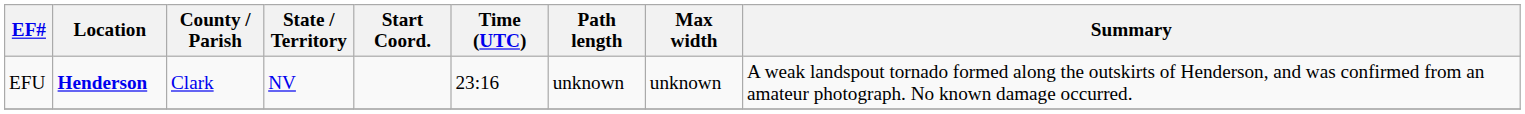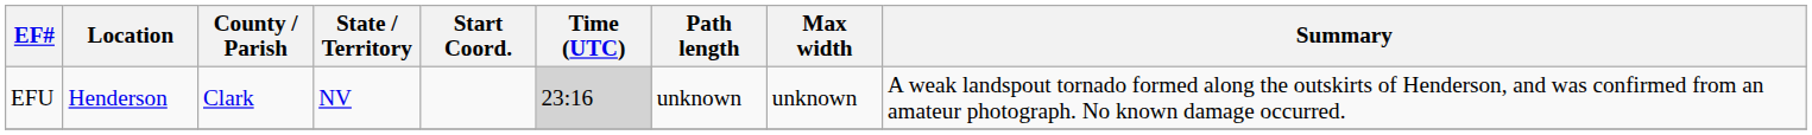 <table class="wikitable sortable" style="width:100%;">
 <tr>
 <th scope="col"  style="width:3%; text-align:center;"><a href='#'>EF#</a></th>
 <th scope="col"  style="width:7%; text-align:center;" class="unsortable">Location</th>
 <th scope="col"  style="width:6%; text-align:center;" class="unsortable">County / Parish</th>
 <th scope="col"  style="width:5%; text-align:center;">State / Territory</th>
 <th scope="col"  style="width:6%; text-align:center;">Start Coord.</th>
 <th scope="col"  style="width:6%; text-align:center;">Time (<a href='#'>UTC</a>)</th>
 <th scope="col"  style="width:6%; text-align:center;">Path length</th>
 <th scope="col"  style="width:6%; text-align:center;">Max width</th>
 <th scope="col" class="unsortable" style="width:48%; text-align:center;">Summary</th>
 </tr>
 <tr>
 <td>EFU</td>
-<td><strong><a href='#'>Henderson</a></strong></td>
+<td><a href='#'>Henderson</a></td>
 <td><a href='#'>Clark</a></td>
 <td><a href='#'>NV</a></td>
 <td></td>
-<td>23:16</td>
+<td style="background: lightgrey;">23:16</td>
 <td>unknown</td>
 <td>unknown</td>
 <td>A weak landspout tornado formed along the outskirts of Henderson, and was confirmed from an amateur photograph. No known damage occurred.</td>
 </tr>
 <tr>
 </tr>
 </table>
